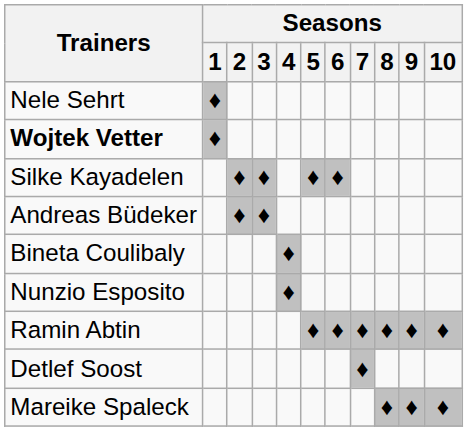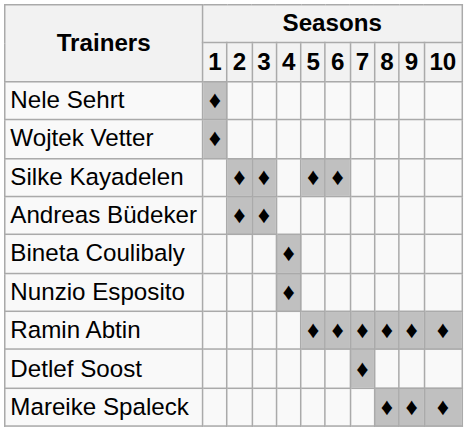 <table class="wikitable">
 <tr>
 <th rowspan="2">Trainers</th>
 <th colspan="15">Seasons</th>
 </tr>
 <tr>
 <th>1</th>
 <th>2</th>
 <th>3</th>
 <th>4</th>
 <th>5</th>
 <th>6</th>
 <th>7</th>
 <th>8</th>
 <th>9</th>
 <th>10</th>
 </tr>
 <tr>
 <td>Nele Sehrt</td>
 <td style="text-align:center; background:silver;">♦</td>
 <td></td>
 <td></td>
 <td></td>
 <td></td>
 <td></td>
 <td></td>
 <td></td>
 <td></td>
 <td></td>
 </tr>
 <tr>
-<td><strong>Wojtek Vetter</strong></td>
+<td>Wojtek Vetter</td>
 <td style="text-align:center; background:silver;">♦</td>
 <td></td>
 <td></td>
 <td></td>
 <td></td>
 <td></td>
 <td></td>
 <td></td>
 <td></td>
 <td></td>
 </tr>
 <tr>
 <td>Silke Kayadelen</td>
 <td></td>
 <td style="text-align:center; background:silver;">♦</td>
 <td style="text-align:center; background:silver;">♦</td>
 <td></td>
 <td style="text-align:center; background:silver;">♦</td>
 <td style="text-align:center; background:silver;">♦</td>
 <td></td>
 <td></td>
 <td></td>
 <td></td>
 </tr>
 <tr>
 <td>Andreas Büdeker</td>
 <td></td>
 <td style="text-align:center; background:silver;">♦</td>
 <td style="text-align:center; background:silver;">♦</td>
 <td></td>
 <td></td>
 <td></td>
 <td></td>
 <td></td>
 <td></td>
 <td></td>
 </tr>
 <tr>
 <td>Bineta Coulibaly</td>
 <td></td>
 <td></td>
 <td></td>
 <td style="text-align:center; background:silver;">♦</td>
 <td></td>
 <td></td>
 <td></td>
 <td></td>
 <td></td>
 <td></td>
 </tr>
 <tr>
 <td>Nunzio Esposito</td>
 <td></td>
 <td></td>
 <td></td>
 <td style="text-align:center; background:silver;">♦</td>
 <td></td>
 <td></td>
 <td></td>
 <td></td>
 <td></td>
 <td></td>
 </tr>
 <tr>
 <td>Ramin Abtin</td>
 <td></td>
 <td></td>
 <td></td>
 <td></td>
 <td style="text-align:center; background:silver;">♦</td>
 <td style="text-align:center; background:silver;">♦</td>
 <td style="text-align:center; background:silver;">♦</td>
 <td style="text-align:center; background:silver;">♦</td>
 <td style="text-align:center; background:silver;">♦</td>
 <td style="text-align:center; background:silver;">♦</td>
 </tr>
 <tr>
 <td>Detlef Soost</td>
 <td></td>
 <td></td>
 <td></td>
 <td></td>
 <td></td>
 <td></td>
 <td style="text-align:center; background:silver;">♦</td>
 <td></td>
 <td></td>
 <td></td>
 </tr>
 <tr>
 <td>Mareike Spaleck</td>
 <td></td>
 <td></td>
 <td></td>
 <td></td>
 <td></td>
 <td></td>
 <td></td>
 <td style="text-align:center; background:silver;">♦</td>
 <td style="text-align:center; background:silver;">♦</td>
 <td style="text-align:center; background:silver;">♦</td>
 </tr>
 </table>
